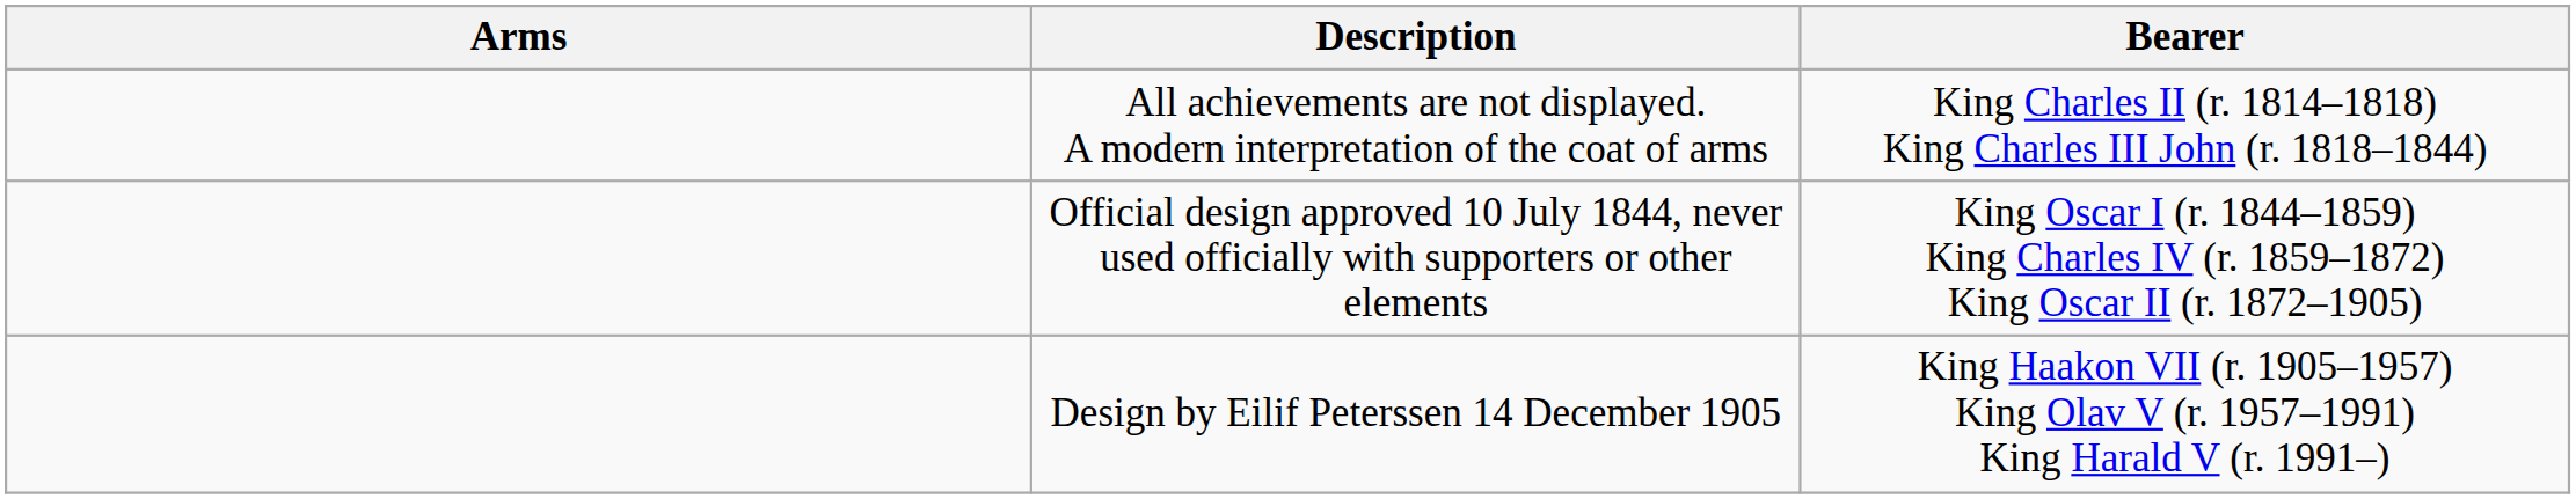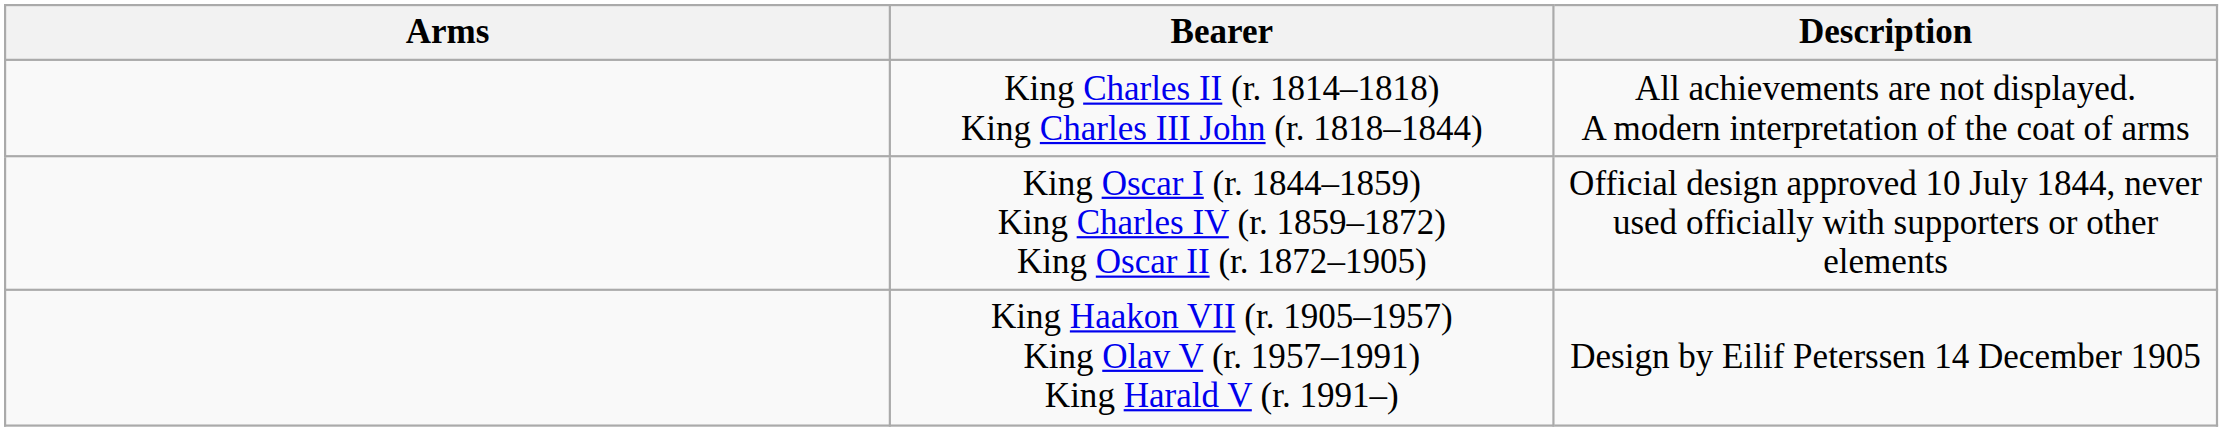 <table class="wikitable" style="width:80%;text-align:center;">
 <tr>
 <th style="width:40%;">Arms</th>
+<th style="width:30%;">Bearer</th>
 <th style="width:30%;">Description</th>
-<th style="width:30%;">Bearer</th>
 </tr>
 <tr>
 <td></td>
+<td>King <a href='#'>Charles II</a> (r. 1814–1818)<br>King <a href='#'>Charles III John</a> (r. 1818–1844)</td>
 <td>All achievements are not displayed.<br>A modern interpretation of the coat of arms</td>
-<td>King <a href='#'>Charles II</a> (r. 1814–1818)<br>King <a href='#'>Charles III John</a> (r. 1818–1844)</td>
 </tr>
 <tr>
 <td></td>
+<td>King <a href='#'>Oscar I</a> (r. 1844–1859)<br>King <a href='#'>Charles IV</a> (r. 1859–1872)<br>King <a href='#'>Oscar II</a> (r. 1872–1905)</td>
 <td>Official design approved 10 July 1844, never used officially with supporters or other elements</td>
-<td>King <a href='#'>Oscar I</a> (r. 1844–1859)<br>King <a href='#'>Charles IV</a> (r. 1859–1872)<br>King <a href='#'>Oscar II</a> (r. 1872–1905)</td>
 </tr>
 <tr>
 <td> </td>
+<td>King <a href='#'>Haakon VII</a> (r. 1905–1957)<br>King <a href='#'>Olav V</a> (r. 1957–1991)<br>King <a href='#'>Harald V</a> (r. 1991–)</td>
 <td>Design by Eilif Peterssen 14 December 1905</td>
-<td>King <a href='#'>Haakon VII</a> (r. 1905–1957)<br>King <a href='#'>Olav V</a> (r. 1957–1991)<br>King <a href='#'>Harald V</a> (r. 1991–)</td>
 </tr>
 </table>
